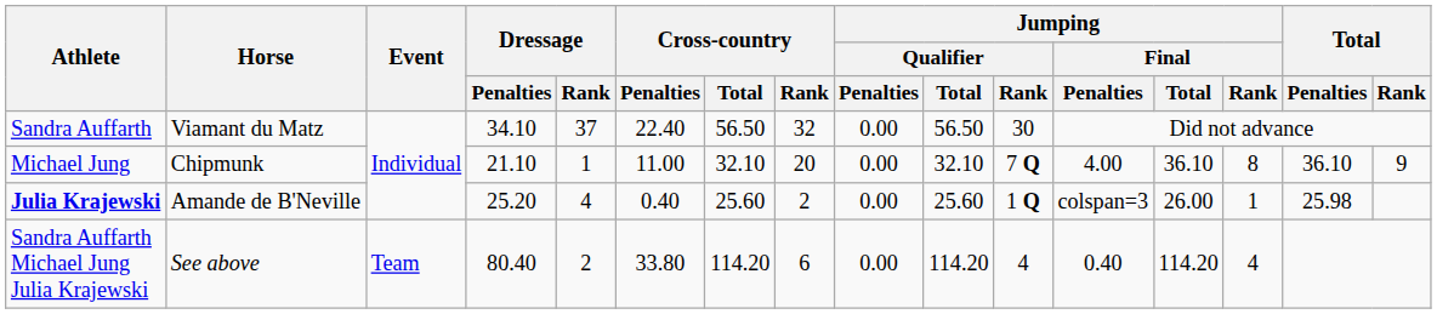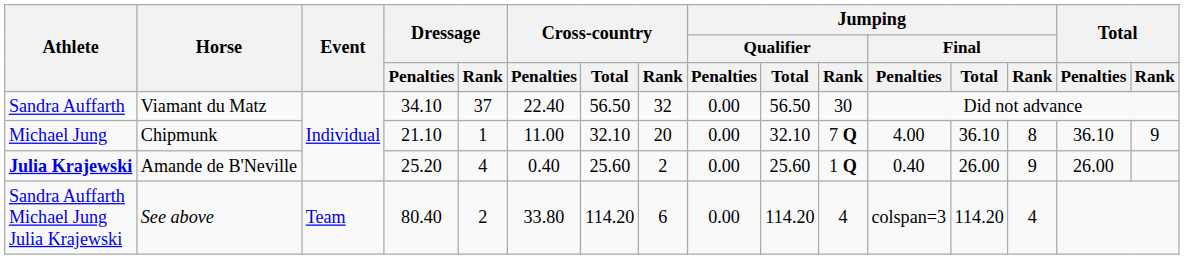 <table class=wikitable style="font-size:90%">
 <tr>
 <th rowspan="3">Athlete</th>
 <th rowspan="3">Horse</th>
 <th rowspan="3">Event</th>
 <th colspan="2" rowspan="2">Dressage</th>
 <th colspan="3" rowspan="2">Cross-country</th>
 <th colspan="6">Jumping</th>
 <th colspan="2" rowspan="2">Total</th>
 </tr>
 <tr style="font-size:95%">
 <th colspan="3">Qualifier</th>
 <th colspan="3">Final</th>
 </tr>
 <tr style="font-size:95%">
 <th>Penalties</th>
 <th>Rank</th>
 <th>Penalties</th>
 <th>Total</th>
 <th>Rank</th>
 <th>Penalties</th>
 <th>Total</th>
 <th>Rank</th>
 <th>Penalties</th>
 <th>Total</th>
 <th>Rank</th>
 <th>Penalties</th>
 <th>Rank</th>
 </tr>
 <tr align=center>
 <td align=left><a href='#'>Sandra Auffarth</a></td>
 <td align=left>Viamant du Matz</td>
 <td rowspan=3 align=left><a href='#'>Individual</a></td>
 <td>34.10</td>
 <td>37</td>
 <td>22.40</td>
 <td>56.50</td>
 <td>32</td>
 <td>0.00</td>
 <td>56.50</td>
 <td>30</td>
 <td colspan=5>Did not advance</td>
 </tr>
 <tr align=center>
 <td align=left><a href='#'>Michael Jung</a></td>
 <td align=left>Chipmunk</td>
 <td>21.10</td>
 <td>1</td>
 <td>11.00</td>
 <td>32.10</td>
 <td>20</td>
 <td>0.00</td>
 <td>32.10</td>
 <td>7 <strong>Q</strong></td>
 <td>4.00</td>
 <td>36.10</td>
 <td>8</td>
 <td>36.10</td>
 <td>9</td>
 </tr>
 <tr align=center>
 <td align=left><strong><a href='#'>Julia Krajewski</a></strong></td>
 <td align=left>Amande de B'Neville</td>
 <td>25.20</td>
 <td>4</td>
 <td>0.40</td>
 <td>25.60</td>
 <td>2</td>
 <td>0.00</td>
 <td>25.60</td>
 <td>1 <strong>Q</strong></td>
-<td>colspan=3 </td>
+<td>0.40</td>
 <td>26.00</td>
-<td>1</td>
-<td>25.98</td>
+<td>9</td>
+<td>26.00</td>
 <td></td>
 </tr>
 <tr align=center>
 <td align=left><a href='#'>Sandra Auffarth</a><br><a href='#'>Michael Jung</a><br><a href='#'>Julia Krajewski</a></td>
 <td align=left><em>See above</em></td>
 <td align=left><a href='#'>Team</a></td>
 <td>80.40</td>
 <td>2</td>
 <td>33.80</td>
 <td>114.20</td>
 <td>6</td>
 <td>0.00</td>
 <td>114.20</td>
 <td>4</td>
-<td>0.40</td>
+<td>colspan=3 </td>
 <td>114.20</td>
 <td>4</td>
 </tr>
 </table>
